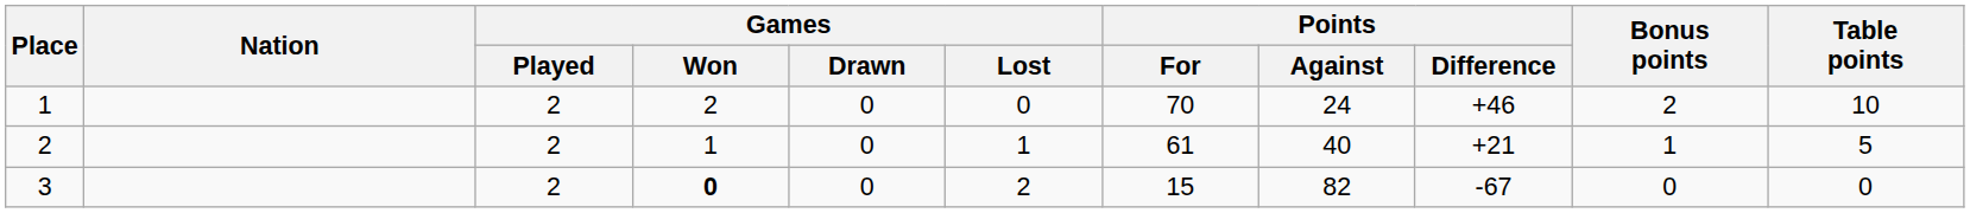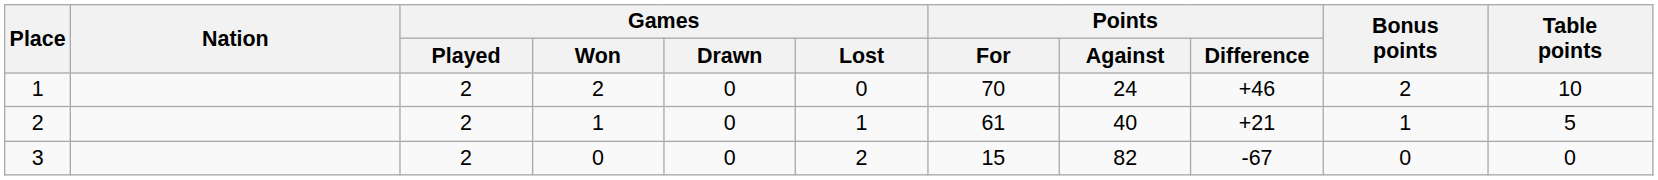 <table class="wikitable" style="text-align:center">
 <tr>
 <th rowspan=2 width="4%">Place</th>
 <th rowspan=2 width="20%">Nation</th>
 <th colspan=4 width="32%">Games</th>
 <th colspan=3 width="24%">Points</th>
 <th rowspan=2 width="10%">Bonus<br>points</th>
 <th rowspan=2 width="10%">Table<br>points</th>
 </tr>
 <tr>
 <th width="8%">Played</th>
 <th width="8%">Won</th>
 <th width="8%">Drawn</th>
 <th width="8%">Lost</th>
 <th width="8%">For</th>
 <th width="8%">Against</th>
 <th width="8%">Difference</th>
 </tr>
 <tr>
 <td>1</td>
 <td align=left></td>
 <td>2</td>
 <td>2</td>
 <td>0</td>
 <td>0</td>
 <td>70</td>
 <td>24</td>
 <td>+46</td>
 <td>2</td>
 <td>10</td>
 </tr>
 <tr>
 <td>2</td>
 <td align=left></td>
 <td>2</td>
 <td>1</td>
 <td>0</td>
 <td>1</td>
 <td>61</td>
 <td>40</td>
 <td>+21</td>
 <td>1</td>
 <td>5</td>
 </tr>
 <tr>
 <td>3</td>
 <td align=left></td>
 <td>2</td>
-<td><strong>0</strong></td>
+<td>0</td>
 <td>0</td>
 <td>2</td>
 <td>15</td>
 <td>82</td>
 <td>-67</td>
 <td>0</td>
 <td>0</td>
 </tr>
 </table>
